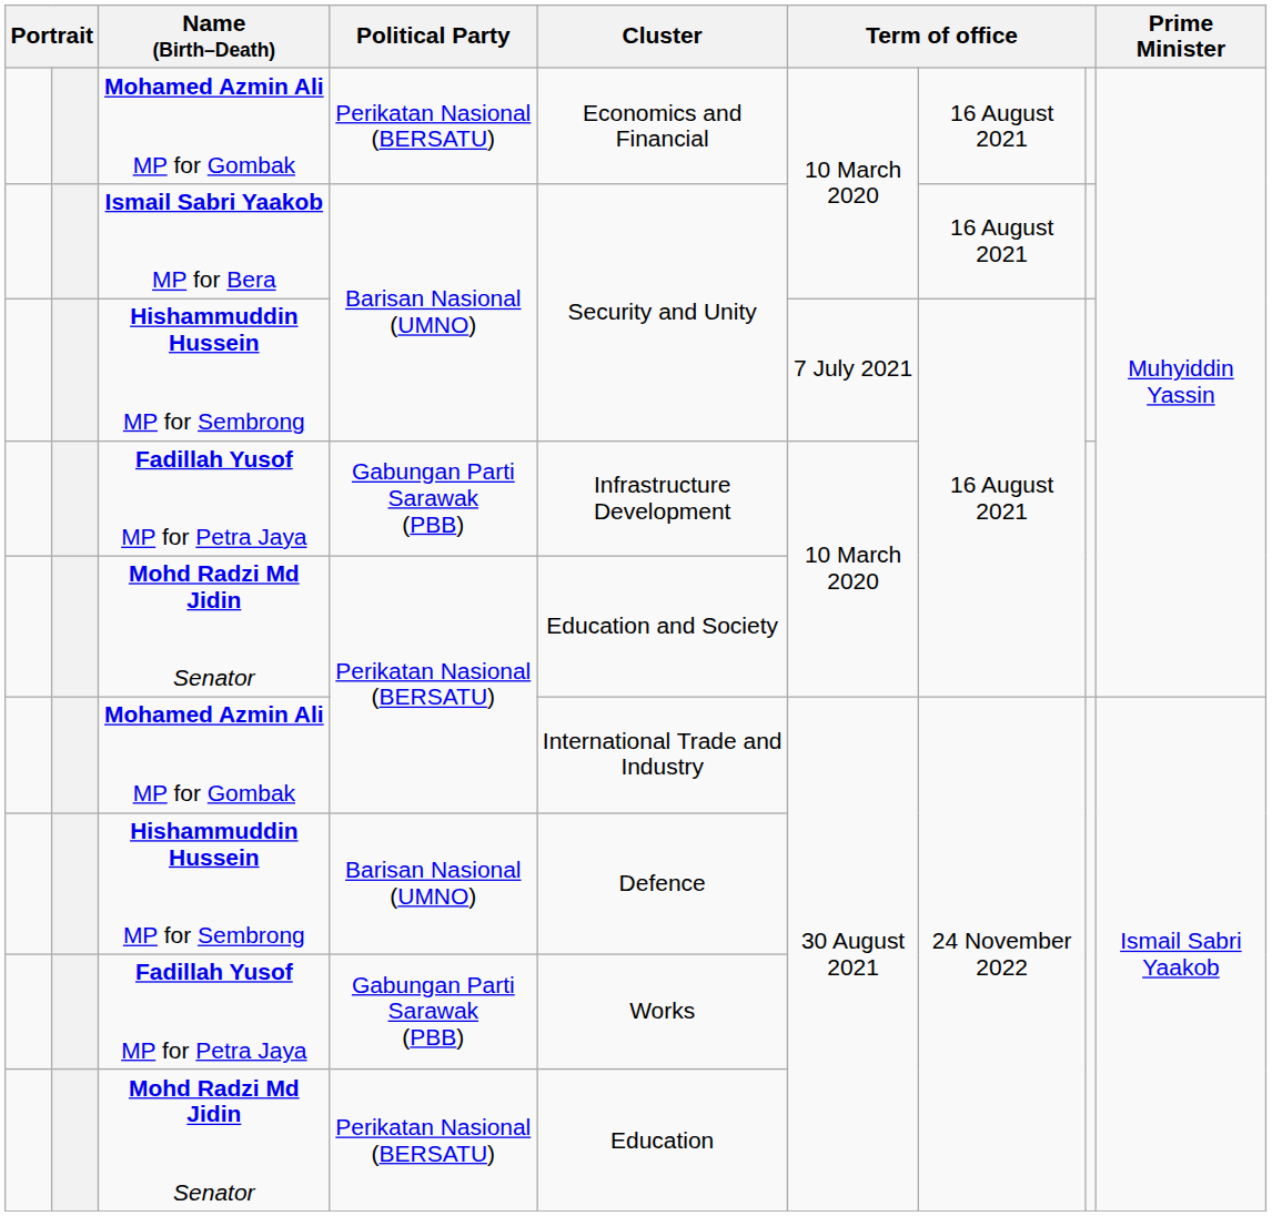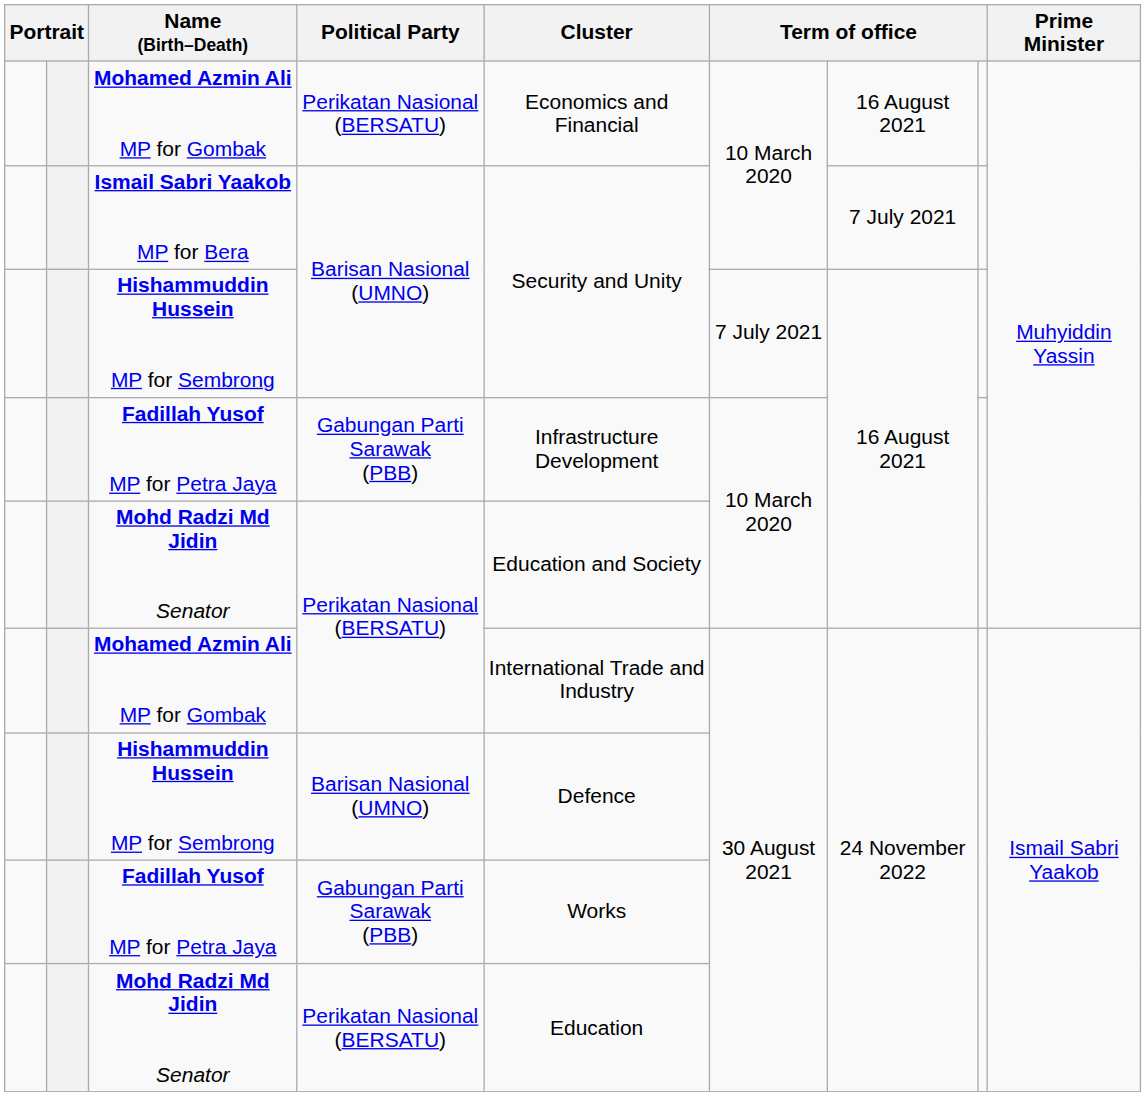 <table class="wikitable" style="text-align:center">
 <tr>
 <th colspan="2">Portrait</th>
 <th>Name<br><small>(Birth–Death)</small></th>
 <th><strong>Political Party</strong></th>
 <th>Cluster</th>
 <th colspan="3">Term of office</th>
 <th>Prime Minister</th>
 </tr>
 <tr>
 <td></td>
 <th></th>
 <td><strong><a href='#'>Mohamed Azmin Ali</a></strong><br><br><br><a href='#'>MP</a> for <a href='#'>Gombak</a></td>
 <td><a href='#'>Perikatan Nasional</a> <br>  (<a href='#'>BERSATU</a>)</td>
 <td>Economics and Financial</td>
 <td rowspan="2">10 March 2020</td>
 <td rowspan="1">16 August 2021</td>
 <td></td>
 <td rowspan=5><a href='#'>Muhyiddin Yassin</a></td>
 </tr>
 <tr>
 <td></td>
 <th></th>
 <td><strong><a href='#'>Ismail Sabri Yaakob</a></strong><br><br><br><a href='#'>MP</a> for <a href='#'>Bera</a></td>
 <td rowspan="2"><a href='#'>Barisan Nasional</a> <br>  (<a href='#'>UMNO</a>)</td>
 <td rowspan=2>Security and Unity</td>
-<td rowspan="1">16 August 2021</td>
+<td rowspan="1">7 July 2021</td>
 <td></td>
 </tr>
 <tr>
 <td></td>
 <th></th>
 <td><strong><a href='#'>Hishammuddin Hussein</a></strong><br><br><br><a href='#'>MP</a> for <a href='#'>Sembrong</a></td>
 <td rowspan="1">7 July 2021</td>
 <td rowspan="3">16 August 2021</td>
 <td></td>
 </tr>
 <tr>
 <td></td>
 <th></th>
 <td><strong><a href='#'>Fadillah Yusof</a></strong><br><br><br><a href='#'>MP</a> for <a href='#'>Petra Jaya</a></td>
 <td><a href='#'>Gabungan Parti Sarawak</a> <br>  (<a href='#'>PBB</a>)</td>
 <td>Infrastructure Development</td>
 <td rowspan="2">10 March 2020</td>
 <td rowspan="2"></td>
 </tr>
 <tr>
 <td></td>
 <th></th>
 <td><strong><a href='#'>Mohd Radzi Md Jidin</a></strong><br><br><br><em>Senator</em></td>
 <td rowspan="2"><a href='#'>Perikatan Nasional</a> <br> (<a href='#'>BERSATU</a>)</td>
 <td>Education and Society</td>
 </tr>
 <tr>
 <td></td>
 <th></th>
 <td><strong><a href='#'>Mohamed Azmin Ali</a></strong><br><br><br><a href='#'>MP</a> for <a href='#'>Gombak</a></td>
 <td>International Trade and Industry</td>
 <td rowspan="4">30 August 2021</td>
 <td rowspan="4">24 November 2022</td>
 <td rowspan="4"></td>
 <td rowspan=4><a href='#'>Ismail Sabri Yaakob</a></td>
 </tr>
 <tr>
 <td></td>
 <th></th>
 <td><strong><a href='#'>Hishammuddin Hussein</a></strong><br><br><br><a href='#'>MP</a> for <a href='#'>Sembrong</a></td>
 <td><a href='#'>Barisan Nasional</a> <br>  (<a href='#'>UMNO</a>)</td>
 <td>Defence</td>
 </tr>
 <tr>
 <td></td>
 <th></th>
 <td><strong><a href='#'>Fadillah Yusof</a></strong><br><br><br><a href='#'>MP</a> for <a href='#'>Petra Jaya</a></td>
 <td><a href='#'>Gabungan Parti Sarawak</a> <br>  (<a href='#'>PBB</a>)</td>
 <td>Works</td>
 </tr>
 <tr>
 <td></td>
 <th></th>
 <td><strong><a href='#'>Mohd Radzi Md Jidin</a></strong><br><br><br><em>Senator</em></td>
 <td><a href='#'>Perikatan Nasional</a> <br> (<a href='#'>BERSATU</a>)</td>
 <td>Education</td>
 </tr>
 <tr>
 </tr>
 </table>
